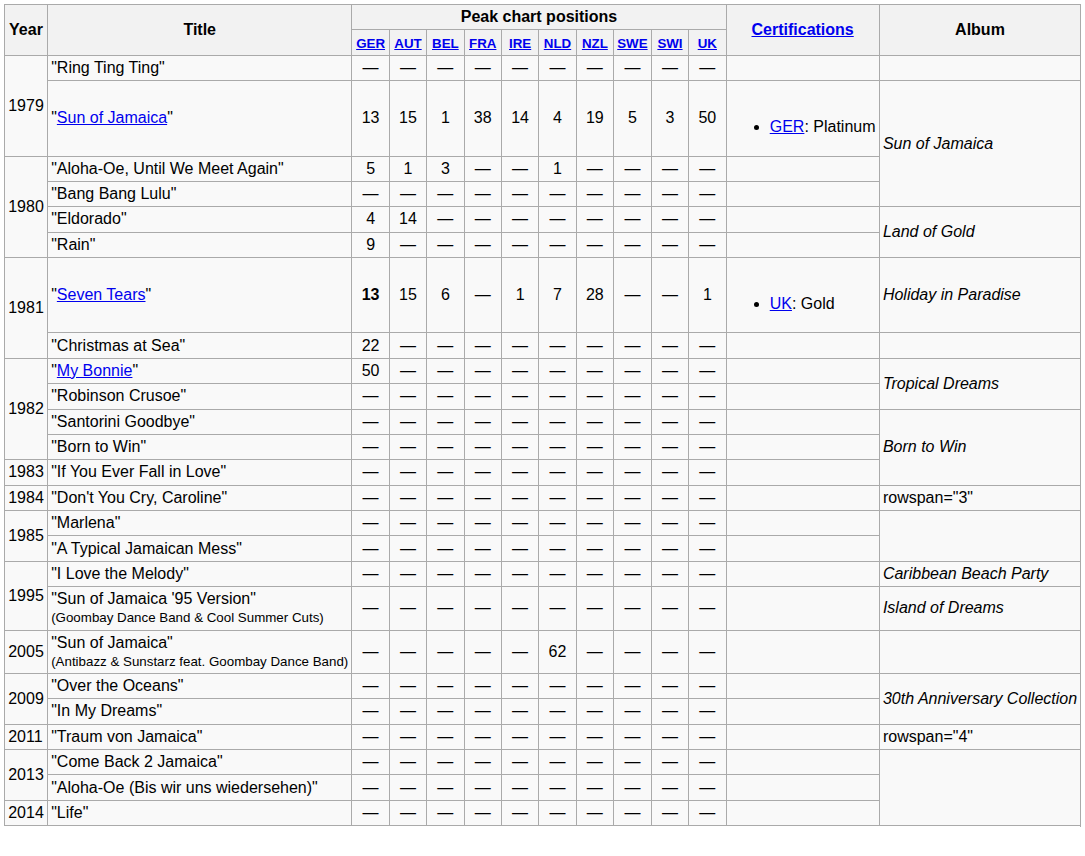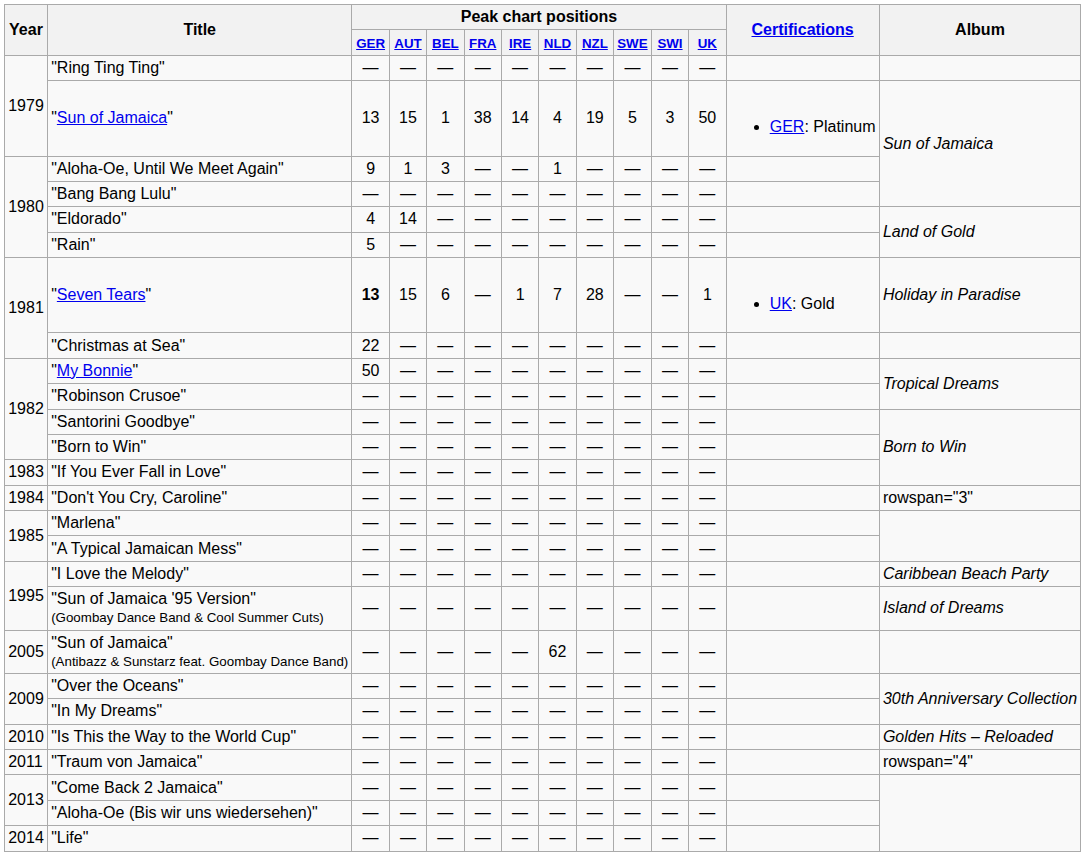 <table class="wikitable">
 <tr>
 <th rowspan="2">Year</th>
 <th rowspan="2">Title</th>
 <th colspan="10">Peak chart positions</th>
 <th rowspan="2"><a href='#'>Certifications</a></th>
 <th rowspan="2">Album</th>
 </tr>
 <tr>
 <th width="30"><small><a href='#'>GER</a></small><br></th>
 <th width="30"><small><a href='#'>AUT</a></small><br></th>
 <th width="30"><small><a href='#'>BEL</a></small><br></th>
 <th width="30"><small><a href='#'>FRA</a></small><br></th>
 <th width="30"><small><a href='#'>IRE</a></small><br></th>
 <th width="30"><small><a href='#'>NLD</a></small><br></th>
 <th width="30"><small><a href='#'>NZL</a></small><br></th>
 <th width="30"><small><a href='#'>SWE</a></small><br></th>
 <th width="30"><small><a href='#'>SWI</a></small><br></th>
 <th width="30"><small><a href='#'>UK</a></small><br></th>
 </tr>
 <tr>
 <td rowspan="2">1979</td>
 <td>"Ring Ting Ting"</td>
 <td align="center">—</td>
 <td align="center">—</td>
 <td align="center">—</td>
 <td align="center">—</td>
 <td align="center">—</td>
 <td align="center">—</td>
 <td align="center">—</td>
 <td align="center">—</td>
 <td align="center">—</td>
 <td align="center">—</td>
 <td></td>
 <td></td>
 </tr>
 <tr>
 <td>"<a href='#'>Sun of Jamaica</a>"</td>
 <td align="center">13</td>
 <td align="center">15</td>
 <td align="center">1</td>
 <td align="center">38</td>
 <td align="center">14</td>
 <td align="center">4</td>
 <td align="center">19</td>
 <td align="center">5</td>
 <td align="center">3</td>
 <td align="center">50</td>
 <td><br><ul><li><a href='#'>GER</a>: Platinum</li></ul></td>
 <td rowspan="3"><em>Sun of Jamaica</em></td>
 </tr>
 <tr>
 <td rowspan="4">1980</td>
 <td>"Aloha-Oe, Until We Meet Again"</td>
-<td align="center">5</td>
+<td align="center">9</td>
 <td align="center">1</td>
 <td align="center">3</td>
 <td align="center">—</td>
 <td align="center">—</td>
 <td align="center">1</td>
 <td align="center">—</td>
 <td align="center">—</td>
 <td align="center">—</td>
 <td align="center">—</td>
 <td></td>
 </tr>
 <tr>
 <td>"Bang Bang Lulu"</td>
 <td align="center">—</td>
 <td align="center">—</td>
 <td align="center">—</td>
 <td align="center">—</td>
 <td align="center">—</td>
 <td align="center">—</td>
 <td align="center">—</td>
 <td align="center">—</td>
 <td align="center">—</td>
 <td align="center">—</td>
 <td></td>
 </tr>
 <tr>
 <td>"Eldorado"</td>
 <td align="center">4</td>
 <td align="center">14</td>
 <td align="center">—</td>
 <td align="center">—</td>
 <td align="center">—</td>
 <td align="center">—</td>
 <td align="center">—</td>
 <td align="center">—</td>
 <td align="center">—</td>
 <td align="center">—</td>
 <td></td>
 <td rowspan="2"><em>Land of Gold</em></td>
 </tr>
 <tr>
 <td>"Rain"</td>
-<td align="center">9</td>
+<td align="center">5</td>
 <td align="center">—</td>
 <td align="center">—</td>
 <td align="center">—</td>
 <td align="center">—</td>
 <td align="center">—</td>
 <td align="center">—</td>
 <td align="center">—</td>
 <td align="center">—</td>
 <td align="center">—</td>
 <td></td>
 </tr>
 <tr>
 <td rowspan="2">1981</td>
 <td>"<a href='#'>Seven Tears</a>"</td>
 <td align="center"><strong>13</strong></td>
 <td align="center">15</td>
 <td align="center">6</td>
 <td align="center">—</td>
 <td align="center">1</td>
 <td align="center">7</td>
 <td align="center">28</td>
 <td align="center">—</td>
 <td align="center">—</td>
 <td align="center">1</td>
 <td><br><ul><li><a href='#'>UK</a>: Gold</li></ul></td>
 <td><em>Holiday in Paradise</em></td>
 </tr>
 <tr>
 <td>"Christmas at Sea"</td>
 <td align="center">22</td>
 <td align="center">—</td>
 <td align="center">—</td>
 <td align="center">—</td>
 <td align="center">—</td>
 <td align="center">—</td>
 <td align="center">—</td>
 <td align="center">—</td>
 <td align="center">—</td>
 <td align="center">—</td>
 <td></td>
 <td></td>
 </tr>
 <tr>
 <td rowspan="4">1982</td>
 <td>"<a href='#'>My Bonnie</a>"</td>
 <td align="center">50</td>
 <td align="center">—</td>
 <td align="center">—</td>
 <td align="center">—</td>
 <td align="center">—</td>
 <td align="center">—</td>
 <td align="center">—</td>
 <td align="center">—</td>
 <td align="center">—</td>
 <td align="center">—</td>
 <td></td>
 <td rowspan="2"><em>Tropical Dreams</em></td>
 </tr>
 <tr>
 <td>"Robinson Crusoe"</td>
 <td align="center">—</td>
 <td align="center">—</td>
 <td align="center">—</td>
 <td align="center">—</td>
 <td align="center">—</td>
 <td align="center">—</td>
 <td align="center">—</td>
 <td align="center">—</td>
 <td align="center">—</td>
 <td align="center">—</td>
 <td></td>
 </tr>
 <tr>
 <td>"Santorini Goodbye"</td>
 <td align="center">—</td>
 <td align="center">—</td>
 <td align="center">—</td>
 <td align="center">—</td>
 <td align="center">—</td>
 <td align="center">—</td>
 <td align="center">—</td>
 <td align="center">—</td>
 <td align="center">—</td>
 <td align="center">—</td>
 <td></td>
 <td rowspan="3"><em>Born to Win</em></td>
 </tr>
 <tr>
 <td>"Born to Win"</td>
 <td align="center">—</td>
 <td align="center">—</td>
 <td align="center">—</td>
 <td align="center">—</td>
 <td align="center">—</td>
 <td align="center">—</td>
 <td align="center">—</td>
 <td align="center">—</td>
 <td align="center">—</td>
 <td align="center">—</td>
 <td></td>
 </tr>
 <tr>
 <td>1983</td>
 <td>"If You Ever Fall in Love"</td>
 <td align="center">—</td>
 <td align="center">—</td>
 <td align="center">—</td>
 <td align="center">—</td>
 <td align="center">—</td>
 <td align="center">—</td>
 <td align="center">—</td>
 <td align="center">—</td>
 <td align="center">—</td>
 <td align="center">—</td>
 <td></td>
 </tr>
 <tr>
 <td>1984</td>
 <td>"Don't You Cry, Caroline"</td>
 <td align="center">—</td>
 <td align="center">—</td>
 <td align="center">—</td>
 <td align="center">—</td>
 <td align="center">—</td>
 <td align="center">—</td>
 <td align="center">—</td>
 <td align="center">—</td>
 <td align="center">—</td>
 <td align="center">—</td>
 <td></td>
 <td>rowspan="3" </td>
 </tr>
 <tr>
 <td rowspan="2">1985</td>
 <td>"Marlena"</td>
 <td align="center">—</td>
 <td align="center">—</td>
 <td align="center">—</td>
 <td align="center">—</td>
 <td align="center">—</td>
 <td align="center">—</td>
 <td align="center">—</td>
 <td align="center">—</td>
 <td align="center">—</td>
 <td align="center">—</td>
 <td></td>
 </tr>
 <tr>
 <td>"A Typical Jamaican Mess"</td>
 <td align="center">—</td>
 <td align="center">—</td>
 <td align="center">—</td>
 <td align="center">—</td>
 <td align="center">—</td>
 <td align="center">—</td>
 <td align="center">—</td>
 <td align="center">—</td>
 <td align="center">—</td>
 <td align="center">—</td>
 <td></td>
 </tr>
 <tr>
 <td rowspan="2">1995</td>
 <td>"I Love the Melody"</td>
 <td align="center">—</td>
 <td align="center">—</td>
 <td align="center">—</td>
 <td align="center">—</td>
 <td align="center">—</td>
 <td align="center">—</td>
 <td align="center">—</td>
 <td align="center">—</td>
 <td align="center">—</td>
 <td align="center">—</td>
 <td></td>
 <td><em>Caribbean Beach Party</em></td>
 </tr>
 <tr>
 <td>"Sun of Jamaica '95 Version"<br><small>(Goombay Dance Band & Cool Summer Cuts)</small></td>
 <td align="center">—</td>
 <td align="center">—</td>
 <td align="center">—</td>
 <td align="center">—</td>
 <td align="center">—</td>
 <td align="center">—</td>
 <td align="center">—</td>
 <td align="center">—</td>
 <td align="center">—</td>
 <td align="center">—</td>
 <td></td>
 <td><em>Island of Dreams</em></td>
 </tr>
 <tr>
 <td>2005</td>
 <td>"Sun of Jamaica"<br><small>(Antibazz & Sunstarz feat. Goombay Dance Band)</small></td>
 <td align="center">—</td>
 <td align="center">—</td>
 <td align="center">—</td>
 <td align="center">—</td>
 <td align="center">—</td>
 <td align="center">62</td>
 <td align="center">—</td>
 <td align="center">—</td>
 <td align="center">—</td>
 <td align="center">—</td>
 <td></td>
 <td></td>
 </tr>
 <tr>
 <td rowspan="2">2009</td>
 <td>"Over the Oceans"</td>
 <td align="center">—</td>
 <td align="center">—</td>
 <td align="center">—</td>
 <td align="center">—</td>
 <td align="center">—</td>
 <td align="center">—</td>
 <td align="center">—</td>
 <td align="center">—</td>
 <td align="center">—</td>
 <td align="center">—</td>
 <td></td>
 <td rowspan="2"><em>30th Anniversary Collection</em></td>
 </tr>
 <tr>
 <td>"In My Dreams"</td>
 <td align="center">—</td>
 <td align="center">—</td>
 <td align="center">—</td>
 <td align="center">—</td>
 <td align="center">—</td>
 <td align="center">—</td>
 <td align="center">—</td>
 <td align="center">—</td>
 <td align="center">—</td>
 <td align="center">—</td>
 <td></td>
 </tr>
 <tr>
+<td>2010</td>
+<td>"Is This the Way to the World Cup"</td>
+<td align="center">—</td>
+<td align="center">—</td>
+<td align="center">—</td>
+<td align="center">—</td>
+<td align="center">—</td>
+<td align="center">—</td>
+<td align="center">—</td>
+<td align="center">—</td>
+<td align="center">—</td>
+<td align="center">—</td>
+<td></td>
+<td><em>Golden Hits – Reloaded</em></td>
+</tr>
+<tr>
 <td>2011</td>
 <td>"Traum von Jamaica"</td>
 <td align="center">—</td>
 <td align="center">—</td>
 <td align="center">—</td>
 <td align="center">—</td>
 <td align="center">—</td>
 <td align="center">—</td>
 <td align="center">—</td>
 <td align="center">—</td>
 <td align="center">—</td>
 <td align="center">—</td>
 <td></td>
 <td>rowspan="4" </td>
 </tr>
 <tr>
 <td rowspan="2">2013</td>
 <td>"Come Back 2 Jamaica"</td>
 <td align="center">—</td>
 <td align="center">—</td>
 <td align="center">—</td>
 <td align="center">—</td>
 <td align="center">—</td>
 <td align="center">—</td>
 <td align="center">—</td>
 <td align="center">—</td>
 <td align="center">—</td>
 <td align="center">—</td>
 <td></td>
 </tr>
 <tr>
 <td>"Aloha-Oe (Bis wir uns wiedersehen)"</td>
 <td align="center">—</td>
 <td align="center">—</td>
 <td align="center">—</td>
 <td align="center">—</td>
 <td align="center">—</td>
 <td align="center">—</td>
 <td align="center">—</td>
 <td align="center">—</td>
 <td align="center">—</td>
 <td align="center">—</td>
 <td></td>
 </tr>
 <tr>
 <td>2014</td>
 <td>"Life"</td>
 <td align="center">—</td>
 <td align="center">—</td>
 <td align="center">—</td>
 <td align="center">—</td>
 <td align="center">—</td>
 <td align="center">—</td>
 <td align="center">—</td>
 <td align="center">—</td>
 <td align="center">—</td>
 <td align="center">—</td>
 <td></td>
 </tr>
 <tr>
 </tr>
 </table>
